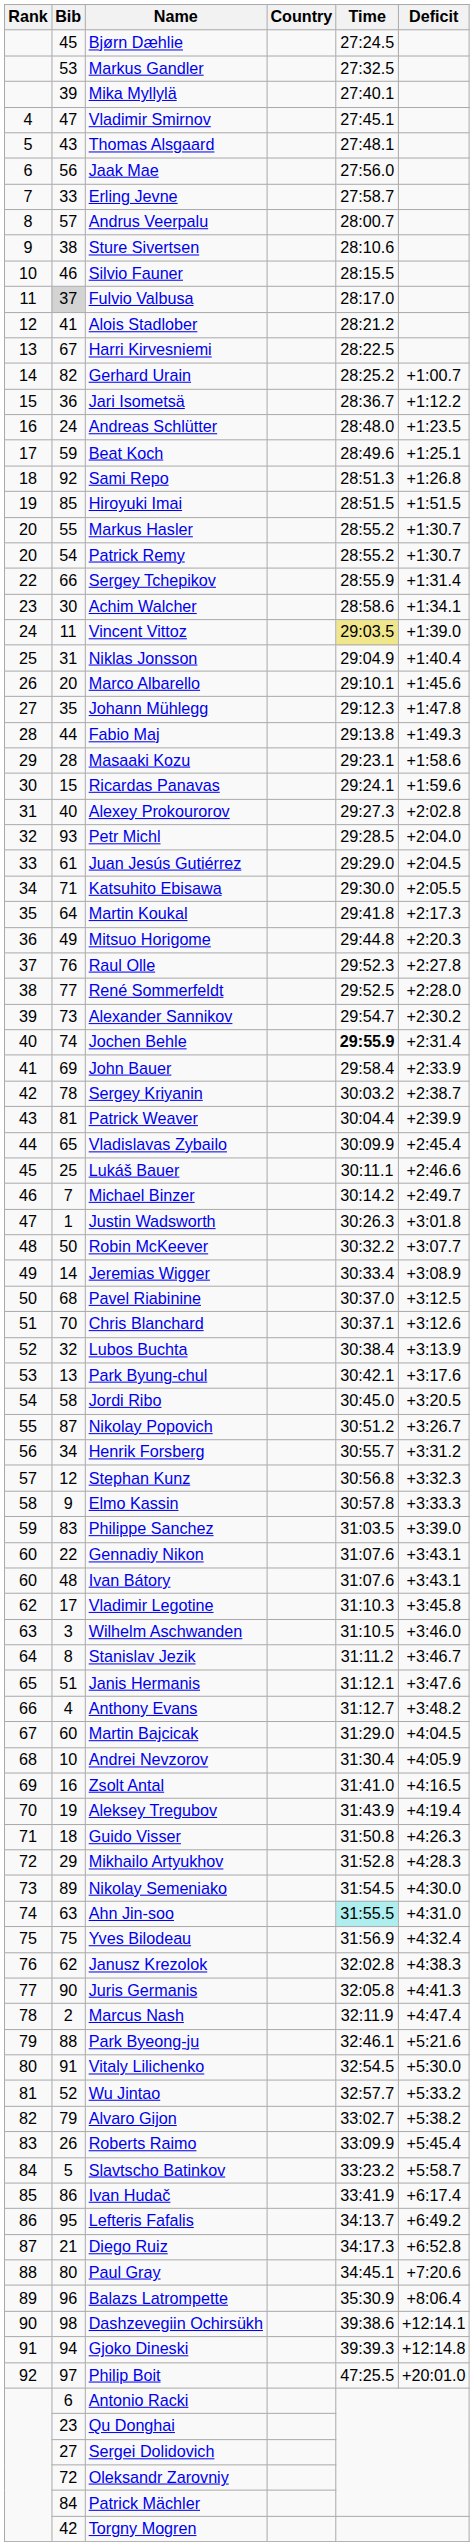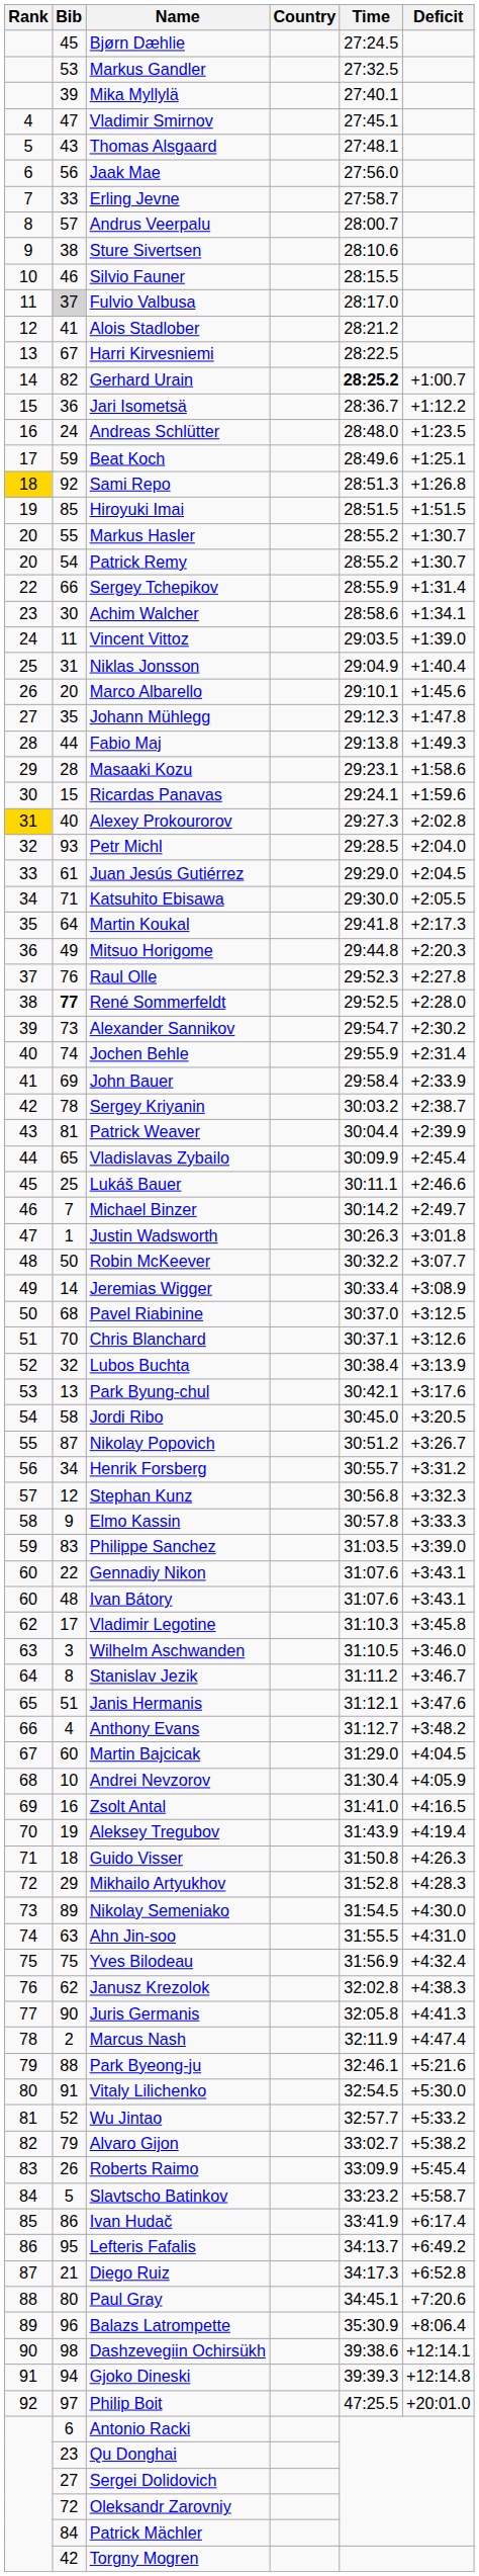 <table class="wikitable sortable" style="text-align:center">
 <tr>
 <th>Rank</th>
 <th>Bib</th>
 <th>Name</th>
 <th>Country</th>
 <th>Time</th>
 <th>Deficit</th>
 </tr>
 <tr>
 <td></td>
 <td>45</td>
 <td align=left><a href='#'>Bjørn Dæhlie</a></td>
 <td align=left></td>
 <td>27:24.5</td>
 <td></td>
 </tr>
 <tr>
 <td></td>
 <td>53</td>
 <td align=left><a href='#'>Markus Gandler</a></td>
 <td align=left></td>
 <td>27:32.5</td>
 <td></td>
 </tr>
 <tr>
 <td></td>
 <td>39</td>
 <td align=left><a href='#'>Mika Myllylä</a></td>
 <td align=left></td>
 <td>27:40.1</td>
 <td></td>
 </tr>
 <tr>
 <td>4</td>
 <td>47</td>
 <td align=left><a href='#'>Vladimir Smirnov</a></td>
 <td align=left></td>
 <td>27:45.1</td>
 <td></td>
 </tr>
 <tr>
 <td>5</td>
 <td>43</td>
 <td align=left><a href='#'>Thomas Alsgaard</a></td>
 <td align=left></td>
 <td>27:48.1</td>
 <td></td>
 </tr>
 <tr>
 <td>6</td>
 <td>56</td>
 <td align=left><a href='#'>Jaak Mae</a></td>
 <td align=left></td>
 <td>27:56.0</td>
 <td></td>
 </tr>
 <tr>
 <td>7</td>
 <td>33</td>
 <td align=left><a href='#'>Erling Jevne</a></td>
 <td align=left></td>
 <td>27:58.7</td>
 <td></td>
 </tr>
 <tr>
 <td>8</td>
 <td>57</td>
 <td align=left><a href='#'>Andrus Veerpalu</a></td>
 <td align=left></td>
 <td>28:00.7</td>
 <td></td>
 </tr>
 <tr>
 <td>9</td>
 <td>38</td>
 <td align=left><a href='#'>Sture Sivertsen</a></td>
 <td align=left></td>
 <td>28:10.6</td>
 <td></td>
 </tr>
 <tr>
 <td>10</td>
 <td>46</td>
 <td align=left><a href='#'>Silvio Fauner</a></td>
 <td align=left></td>
 <td>28:15.5</td>
 <td></td>
 </tr>
 <tr>
 <td>11</td>
 <td style="background: lightgrey;">37</td>
 <td align=left><a href='#'>Fulvio Valbusa</a></td>
 <td align=left></td>
 <td>28:17.0</td>
 <td></td>
 </tr>
 <tr>
 <td>12</td>
 <td>41</td>
 <td align=left><a href='#'>Alois Stadlober</a></td>
 <td align=left></td>
 <td>28:21.2</td>
 <td></td>
 </tr>
 <tr>
 <td>13</td>
 <td>67</td>
 <td align=left><a href='#'>Harri Kirvesniemi</a></td>
 <td align=left></td>
 <td>28:22.5</td>
 <td></td>
 </tr>
 <tr>
 <td>14</td>
 <td>82</td>
 <td align=left><a href='#'>Gerhard Urain</a></td>
 <td align=left></td>
-<td>28:25.2</td>
+<td><strong>28:25.2</strong></td>
 <td>+1:00.7</td>
 </tr>
 <tr>
 <td>15</td>
 <td>36</td>
 <td align=left><a href='#'>Jari Isometsä</a></td>
 <td align=left></td>
 <td>28:36.7</td>
 <td>+1:12.2</td>
 </tr>
 <tr>
 <td>16</td>
 <td>24</td>
 <td align=left><a href='#'>Andreas Schlütter</a></td>
 <td align=left></td>
 <td>28:48.0</td>
 <td>+1:23.5</td>
 </tr>
 <tr>
 <td>17</td>
 <td>59</td>
 <td align=left><a href='#'>Beat Koch</a></td>
 <td align=left></td>
 <td>28:49.6</td>
 <td>+1:25.1</td>
 </tr>
 <tr>
-<td>18</td>
+<td style="background: gold;">18</td>
 <td>92</td>
 <td align=left><a href='#'>Sami Repo</a></td>
 <td align=left></td>
 <td>28:51.3</td>
 <td>+1:26.8</td>
 </tr>
 <tr>
 <td>19</td>
 <td>85</td>
 <td align=left><a href='#'>Hiroyuki Imai</a></td>
 <td align=left></td>
 <td>28:51.5</td>
 <td>+1:51.5</td>
 </tr>
 <tr>
 <td>20</td>
 <td>55</td>
 <td align=left><a href='#'>Markus Hasler</a></td>
 <td align=left></td>
 <td>28:55.2</td>
 <td>+1:30.7</td>
 </tr>
 <tr>
 <td>20</td>
 <td>54</td>
 <td align=left><a href='#'>Patrick Remy</a></td>
 <td align=left></td>
 <td>28:55.2</td>
 <td>+1:30.7</td>
 </tr>
 <tr>
 <td>22</td>
 <td>66</td>
 <td align=left><a href='#'>Sergey Tchepikov</a></td>
 <td align=left></td>
 <td>28:55.9</td>
 <td>+1:31.4</td>
 </tr>
 <tr>
 <td>23</td>
 <td>30</td>
 <td align=left><a href='#'>Achim Walcher</a></td>
 <td align=left></td>
 <td>28:58.6</td>
 <td>+1:34.1</td>
 </tr>
 <tr>
 <td>24</td>
 <td>11</td>
 <td align=left><a href='#'>Vincent Vittoz</a></td>
 <td align=left></td>
-<td style="background: khaki;">29:03.5</td>
+<td>29:03.5</td>
 <td>+1:39.0</td>
 </tr>
 <tr>
 <td>25</td>
 <td>31</td>
 <td align=left><a href='#'>Niklas Jonsson</a></td>
 <td align=left></td>
 <td>29:04.9</td>
 <td>+1:40.4</td>
 </tr>
 <tr>
 <td>26</td>
 <td>20</td>
 <td align=left><a href='#'>Marco Albarello</a></td>
 <td align=left></td>
 <td>29:10.1</td>
 <td>+1:45.6</td>
 </tr>
 <tr>
 <td>27</td>
 <td>35</td>
 <td align=left><a href='#'>Johann Mühlegg</a></td>
 <td align=left></td>
 <td>29:12.3</td>
 <td>+1:47.8</td>
 </tr>
 <tr>
 <td>28</td>
 <td>44</td>
 <td align=left><a href='#'>Fabio Maj</a></td>
 <td align=left></td>
 <td>29:13.8</td>
 <td>+1:49.3</td>
 </tr>
 <tr>
 <td>29</td>
 <td>28</td>
 <td align=left><a href='#'>Masaaki Kozu</a></td>
 <td align=left></td>
 <td>29:23.1</td>
 <td>+1:58.6</td>
 </tr>
 <tr>
 <td>30</td>
 <td>15</td>
 <td align=left><a href='#'>Ricardas Panavas</a></td>
 <td align=left></td>
 <td>29:24.1</td>
 <td>+1:59.6</td>
 </tr>
 <tr>
-<td>31</td>
+<td style="background: gold;">31</td>
 <td>40</td>
 <td align=left><a href='#'>Alexey Prokourorov</a></td>
 <td align=left></td>
 <td>29:27.3</td>
 <td>+2:02.8</td>
 </tr>
 <tr>
 <td>32</td>
 <td>93</td>
 <td align=left><a href='#'>Petr Michl</a></td>
 <td align=left></td>
 <td>29:28.5</td>
 <td>+2:04.0</td>
 </tr>
 <tr>
 <td>33</td>
 <td>61</td>
 <td align=left><a href='#'>Juan Jesús Gutiérrez</a></td>
 <td align=left></td>
 <td>29:29.0</td>
 <td>+2:04.5</td>
 </tr>
 <tr>
 <td>34</td>
 <td>71</td>
 <td align=left><a href='#'>Katsuhito Ebisawa</a></td>
 <td align=left></td>
 <td>29:30.0</td>
 <td>+2:05.5</td>
 </tr>
 <tr>
 <td>35</td>
 <td>64</td>
 <td align=left><a href='#'>Martin Koukal</a></td>
 <td align=left></td>
 <td>29:41.8</td>
 <td>+2:17.3</td>
 </tr>
 <tr>
 <td>36</td>
 <td>49</td>
 <td align=left><a href='#'>Mitsuo Horigome</a></td>
 <td align=left></td>
 <td>29:44.8</td>
 <td>+2:20.3</td>
 </tr>
 <tr>
 <td>37</td>
 <td>76</td>
 <td align=left><a href='#'>Raul Olle</a></td>
 <td align=left></td>
 <td>29:52.3</td>
 <td>+2:27.8</td>
 </tr>
 <tr>
 <td>38</td>
-<td>77</td>
+<td><strong>77</strong></td>
 <td align=left><a href='#'>René Sommerfeldt</a></td>
 <td align=left></td>
 <td>29:52.5</td>
 <td>+2:28.0</td>
 </tr>
 <tr>
 <td>39</td>
 <td>73</td>
 <td align=left><a href='#'>Alexander Sannikov</a></td>
 <td align=left></td>
 <td>29:54.7</td>
 <td>+2:30.2</td>
 </tr>
 <tr>
 <td>40</td>
 <td>74</td>
 <td align=left><a href='#'>Jochen Behle</a></td>
 <td align=left></td>
-<td><strong>29:55.9</strong></td>
+<td>29:55.9</td>
 <td>+2:31.4</td>
 </tr>
 <tr>
 <td>41</td>
 <td>69</td>
 <td align=left><a href='#'>John Bauer</a></td>
 <td align=left></td>
 <td>29:58.4</td>
 <td>+2:33.9</td>
 </tr>
 <tr>
 <td>42</td>
 <td>78</td>
 <td align=left><a href='#'>Sergey Kriyanin</a></td>
 <td align=left></td>
 <td>30:03.2</td>
 <td>+2:38.7</td>
 </tr>
 <tr>
 <td>43</td>
 <td>81</td>
 <td align=left><a href='#'>Patrick Weaver</a></td>
 <td align=left></td>
 <td>30:04.4</td>
 <td>+2:39.9</td>
 </tr>
 <tr>
 <td>44</td>
 <td>65</td>
 <td align=left><a href='#'>Vladislavas Zybailo</a></td>
 <td align=left></td>
 <td>30:09.9</td>
 <td>+2:45.4</td>
 </tr>
 <tr>
 <td>45</td>
 <td>25</td>
 <td align=left><a href='#'>Lukáš Bauer</a></td>
 <td align=left></td>
 <td>30:11.1</td>
 <td>+2:46.6</td>
 </tr>
 <tr>
 <td>46</td>
 <td>7</td>
 <td align=left><a href='#'>Michael Binzer</a></td>
 <td align=left></td>
 <td>30:14.2</td>
 <td>+2:49.7</td>
 </tr>
 <tr>
 <td>47</td>
 <td>1</td>
 <td align=left><a href='#'>Justin Wadsworth</a></td>
 <td align=left></td>
 <td>30:26.3</td>
 <td>+3:01.8</td>
 </tr>
 <tr>
 <td>48</td>
 <td>50</td>
 <td align=left><a href='#'>Robin McKeever</a></td>
 <td align=left></td>
 <td>30:32.2</td>
 <td>+3:07.7</td>
 </tr>
 <tr>
 <td>49</td>
 <td>14</td>
 <td align=left><a href='#'>Jeremias Wigger</a></td>
 <td align=left></td>
 <td>30:33.4</td>
 <td>+3:08.9</td>
 </tr>
 <tr>
 <td>50</td>
 <td>68</td>
 <td align=left><a href='#'>Pavel Riabinine</a></td>
 <td align=left></td>
 <td>30:37.0</td>
 <td>+3:12.5</td>
 </tr>
 <tr>
 <td>51</td>
 <td>70</td>
 <td align=left><a href='#'>Chris Blanchard</a></td>
 <td align=left></td>
 <td>30:37.1</td>
 <td>+3:12.6</td>
 </tr>
 <tr>
 <td>52</td>
 <td>32</td>
 <td align=left><a href='#'>Lubos Buchta</a></td>
 <td align=left></td>
 <td>30:38.4</td>
 <td>+3:13.9</td>
 </tr>
 <tr>
 <td>53</td>
 <td>13</td>
 <td align=left><a href='#'>Park Byung-chul</a></td>
 <td align=left></td>
 <td>30:42.1</td>
 <td>+3:17.6</td>
 </tr>
 <tr>
 <td>54</td>
 <td>58</td>
 <td align=left><a href='#'>Jordi Ribo</a></td>
 <td align=left></td>
 <td>30:45.0</td>
 <td>+3:20.5</td>
 </tr>
 <tr>
 <td>55</td>
 <td>87</td>
 <td align=left><a href='#'>Nikolay Popovich</a></td>
 <td align=left></td>
 <td>30:51.2</td>
 <td>+3:26.7</td>
 </tr>
 <tr>
 <td>56</td>
 <td>34</td>
 <td align=left><a href='#'>Henrik Forsberg</a></td>
 <td align=left></td>
 <td>30:55.7</td>
 <td>+3:31.2</td>
 </tr>
 <tr>
 <td>57</td>
 <td>12</td>
 <td align=left><a href='#'>Stephan Kunz</a></td>
 <td align=left></td>
 <td>30:56.8</td>
 <td>+3:32.3</td>
 </tr>
 <tr>
 <td>58</td>
 <td>9</td>
 <td align=left><a href='#'>Elmo Kassin</a></td>
 <td align=left></td>
 <td>30:57.8</td>
 <td>+3:33.3</td>
 </tr>
 <tr>
 <td>59</td>
 <td>83</td>
 <td align=left><a href='#'>Philippe Sanchez</a></td>
 <td align=left></td>
 <td>31:03.5</td>
 <td>+3:39.0</td>
 </tr>
 <tr>
 <td>60</td>
 <td>22</td>
 <td align=left><a href='#'>Gennadiy Nikon</a></td>
 <td align=left></td>
 <td>31:07.6</td>
 <td>+3:43.1</td>
 </tr>
 <tr>
 <td>60</td>
 <td>48</td>
 <td align=left><a href='#'>Ivan Bátory</a></td>
 <td align=left></td>
 <td>31:07.6</td>
 <td>+3:43.1</td>
 </tr>
 <tr>
 <td>62</td>
 <td>17</td>
 <td align=left><a href='#'>Vladimir Legotine</a></td>
 <td align=left></td>
 <td>31:10.3</td>
 <td>+3:45.8</td>
 </tr>
 <tr>
 <td>63</td>
 <td>3</td>
 <td align=left><a href='#'>Wilhelm Aschwanden</a></td>
 <td align=left></td>
 <td>31:10.5</td>
 <td>+3:46.0</td>
 </tr>
 <tr>
 <td>64</td>
 <td>8</td>
 <td align=left><a href='#'>Stanislav Jezik</a></td>
 <td align=left></td>
 <td>31:11.2</td>
 <td>+3:46.7</td>
 </tr>
 <tr>
 <td>65</td>
 <td>51</td>
 <td align=left><a href='#'>Janis Hermanis</a></td>
 <td align=left></td>
 <td>31:12.1</td>
 <td>+3:47.6</td>
 </tr>
 <tr>
 <td>66</td>
 <td>4</td>
 <td align=left><a href='#'>Anthony Evans</a></td>
 <td align=left></td>
 <td>31:12.7</td>
 <td>+3:48.2</td>
 </tr>
 <tr>
 <td>67</td>
 <td>60</td>
 <td align=left><a href='#'>Martin Bajcicak</a></td>
 <td align=left></td>
 <td>31:29.0</td>
 <td>+4:04.5</td>
 </tr>
 <tr>
 <td>68</td>
 <td>10</td>
 <td align=left><a href='#'>Andrei Nevzorov</a></td>
 <td align=left></td>
 <td>31:30.4</td>
 <td>+4:05.9</td>
 </tr>
 <tr>
 <td>69</td>
 <td>16</td>
 <td align=left><a href='#'>Zsolt Antal</a></td>
 <td align=left></td>
 <td>31:41.0</td>
 <td>+4:16.5</td>
 </tr>
 <tr>
 <td>70</td>
 <td>19</td>
 <td align=left><a href='#'>Aleksey Tregubov</a></td>
 <td align=left></td>
 <td>31:43.9</td>
 <td>+4:19.4</td>
 </tr>
 <tr>
 <td>71</td>
 <td>18</td>
 <td align=left><a href='#'>Guido Visser</a></td>
 <td align=left></td>
 <td>31:50.8</td>
 <td>+4:26.3</td>
 </tr>
 <tr>
 <td>72</td>
 <td>29</td>
 <td align=left><a href='#'>Mikhailo Artyukhov</a></td>
 <td align=left></td>
 <td>31:52.8</td>
 <td>+4:28.3</td>
 </tr>
 <tr>
 <td>73</td>
 <td>89</td>
 <td align=left><a href='#'>Nikolay Semeniako</a></td>
 <td align=left></td>
 <td>31:54.5</td>
 <td>+4:30.0</td>
 </tr>
 <tr>
 <td>74</td>
 <td>63</td>
 <td align=left><a href='#'>Ahn Jin-soo</a></td>
 <td align=left></td>
-<td style="background: paleturquoise;">31:55.5</td>
+<td>31:55.5</td>
 <td>+4:31.0</td>
 </tr>
 <tr>
 <td>75</td>
 <td>75</td>
 <td align=left><a href='#'>Yves Bilodeau</a></td>
 <td align=left></td>
 <td>31:56.9</td>
 <td>+4:32.4</td>
 </tr>
 <tr>
 <td>76</td>
 <td>62</td>
 <td align=left><a href='#'>Janusz Krezolok</a></td>
 <td align=left></td>
 <td>32:02.8</td>
 <td>+4:38.3</td>
 </tr>
 <tr>
 <td>77</td>
 <td>90</td>
 <td align=left><a href='#'>Juris Germanis</a></td>
 <td align=left></td>
 <td>32:05.8</td>
 <td>+4:41.3</td>
 </tr>
 <tr>
 <td>78</td>
 <td>2</td>
 <td align=left><a href='#'>Marcus Nash</a></td>
 <td align=left></td>
 <td>32:11.9</td>
 <td>+4:47.4</td>
 </tr>
 <tr>
 <td>79</td>
 <td>88</td>
 <td align=left><a href='#'>Park Byeong-ju</a></td>
 <td align=left></td>
 <td>32:46.1</td>
 <td>+5:21.6</td>
 </tr>
 <tr>
 <td>80</td>
 <td>91</td>
 <td align=left><a href='#'>Vitaly Lilichenko</a></td>
 <td align=left></td>
 <td>32:54.5</td>
 <td>+5:30.0</td>
 </tr>
 <tr>
 <td>81</td>
 <td>52</td>
 <td align=left><a href='#'>Wu Jintao</a></td>
 <td align=left></td>
 <td>32:57.7</td>
 <td>+5:33.2</td>
 </tr>
 <tr>
 <td>82</td>
 <td>79</td>
 <td align=left><a href='#'>Alvaro Gijon</a></td>
 <td align=left></td>
 <td>33:02.7</td>
 <td>+5:38.2</td>
 </tr>
 <tr>
 <td>83</td>
 <td>26</td>
 <td align=left><a href='#'>Roberts Raimo</a></td>
 <td align=left></td>
 <td>33:09.9</td>
 <td>+5:45.4</td>
 </tr>
 <tr>
 <td>84</td>
 <td>5</td>
 <td align=left><a href='#'>Slavtscho Batinkov</a></td>
 <td align=left></td>
 <td>33:23.2</td>
 <td>+5:58.7</td>
 </tr>
 <tr>
 <td>85</td>
 <td>86</td>
 <td align=left><a href='#'>Ivan Hudač</a></td>
 <td align=left></td>
 <td>33:41.9</td>
 <td>+6:17.4</td>
 </tr>
 <tr>
 <td>86</td>
 <td>95</td>
 <td align=left><a href='#'>Lefteris Fafalis</a></td>
 <td align=left></td>
 <td>34:13.7</td>
 <td>+6:49.2</td>
 </tr>
 <tr>
 <td>87</td>
 <td>21</td>
 <td align=left><a href='#'>Diego Ruiz</a></td>
 <td align=left></td>
 <td>34:17.3</td>
 <td>+6:52.8</td>
 </tr>
 <tr>
 <td>88</td>
 <td>80</td>
 <td align=left><a href='#'>Paul Gray</a></td>
 <td align=left></td>
 <td>34:45.1</td>
 <td>+7:20.6</td>
 </tr>
 <tr>
 <td>89</td>
 <td>96</td>
 <td align=left><a href='#'>Balazs Latrompette</a></td>
 <td align=left></td>
 <td>35:30.9</td>
 <td>+8:06.4</td>
 </tr>
 <tr>
 <td>90</td>
 <td>98</td>
 <td align=left><a href='#'>Dashzevegiin Ochirsükh</a></td>
 <td align=left></td>
 <td>39:38.6</td>
 <td>+12:14.1</td>
 </tr>
 <tr>
 <td>91</td>
 <td>94</td>
 <td align=left><a href='#'>Gjoko Dineski</a></td>
 <td align=left></td>
 <td>39:39.3</td>
 <td>+12:14.8</td>
 </tr>
 <tr>
 <td>92</td>
 <td>97</td>
 <td align=left><a href='#'>Philip Boit</a></td>
 <td align=left></td>
 <td>47:25.5</td>
 <td>+20:01.0</td>
 </tr>
 <tr>
 <td rowspan=6></td>
 <td>6</td>
 <td align=left><a href='#'>Antonio Racki</a></td>
 <td align=left></td>
 <td colspan=2 rowspan=5></td>
 </tr>
 <tr>
 <td>23</td>
 <td align=left><a href='#'>Qu Donghai</a></td>
 <td align=left></td>
 </tr>
 <tr>
 <td>27</td>
 <td align=left><a href='#'>Sergei Dolidovich</a></td>
 <td align=left></td>
 </tr>
 <tr>
 <td>72</td>
 <td align=left><a href='#'>Oleksandr Zarovniy</a></td>
 <td align=left></td>
 </tr>
 <tr>
 <td>84</td>
 <td align=left><a href='#'>Patrick Mächler</a></td>
 <td align=left></td>
 </tr>
 <tr>
 <td>42</td>
 <td align=left><a href='#'>Torgny Mogren</a></td>
 <td align=left></td>
 <td colspan=2></td>
 </tr>
 </table>
